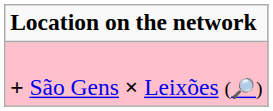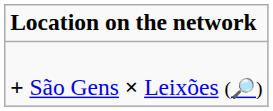 <table role="presentation" class="wikitable mw-collapsible mw-collapsed floatright">
 <tr>
 <td><strong>Location on the network</strong></td>
 </tr>
 <tr>
-<td style="background: pink;"><br><span><strong>+</strong> <a href='#'>São Gens</a></span> <span><strong>×</strong> <a href='#'>Leixões</a></span> <small>(<a href='#'>🔎</a>)</small></td>
+<td><br><span><strong>+</strong> <a href='#'>São Gens</a></span> <span><strong>×</strong> <a href='#'>Leixões</a></span> <small>(<a href='#'>🔎</a>)</small></td>
 </tr>
 </table>
